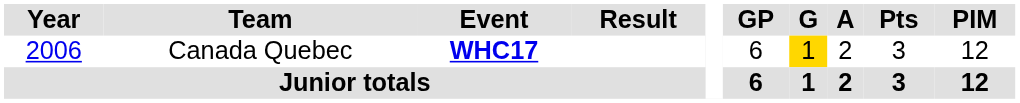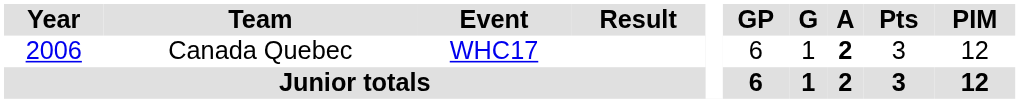 <table border="0" cellpadding="1" cellspacing="0" style="text-align:center; width:40em">
 <tr ALIGN="center" bgcolor="#e0e0e0">
 <th>Year</th>
 <th>Team</th>
 <th>Event</th>
 <th>Result</th>
 <th rowspan="99" bgcolor="#ffffff"> </th>
 <th>GP</th>
 <th>G</th>
 <th>A</th>
 <th>Pts</th>
 <th>PIM</th>
 </tr>
 <tr ALIGN="center">
 <td><a href='#'>2006</a></td>
 <td>Canada Quebec</td>
-<td><strong><a href='#'>WHC17</a></strong></td>
+<td><a href='#'>WHC17</a></td>
 <td></td>
 <td>6</td>
-<td style="background: gold;">1</td>
-<td>2</td>
+<td>1</td>
+<td><strong>2</strong></td>
 <td>3</td>
 <td>12</td>
 </tr>
 <tr bgcolor="#e0e0e0">
 <th colspan="4">Junior totals</th>
 <th>6</th>
 <th>1</th>
 <th>2</th>
 <th>3</th>
 <th>12</th>
 </tr>
 </table>
